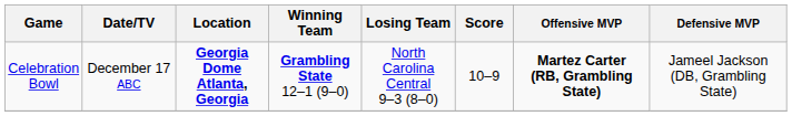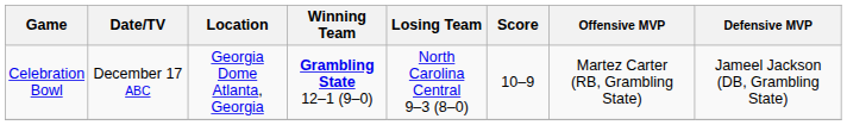 <table class="wikitable" style="text-align:center;">
 <tr>
 <th style="width:50px">Game</th>
 <th style="width:100px">Date/TV</th>
 <th style="width:100px">Location</th>
 <th style="width:100px">Winning Team</th>
 <th style="width:100px">Losing Team</th>
 <th style="width:60px;">Score</th>
 <th style="width:150px"><small>Offensive MVP</small></th>
 <th style="width:150px"><small>Defensive MVP</small></th>
 </tr>
 <tr>
 <td><a href='#'>Celebration Bowl</a></td>
 <td>December 17<br><small><a href='#'>ABC</a></small></td>
-<td><strong><a href='#'>Georgia Dome</a><br><a href='#'>Atlanta</a>, <a href='#'>Georgia</a></strong></td>
+<td><a href='#'>Georgia Dome</a><br><a href='#'>Atlanta</a>, <a href='#'>Georgia</a></td>
 <td><strong><a href='#'>Grambling State</a></strong><br>12–1 (9–0)</td>
 <td><a href='#'>North Carolina Central</a><br>9–3 (8–0)</td>
 <td>10–9</td>
-<td><strong>Martez Carter<br>(RB, Grambling State)</strong></td>
+<td>Martez Carter<br>(RB, Grambling State)</td>
 <td>Jameel Jackson<br>(DB, Grambling State)</td>
 </tr>
 <tr>
 </tr>
 </table>
